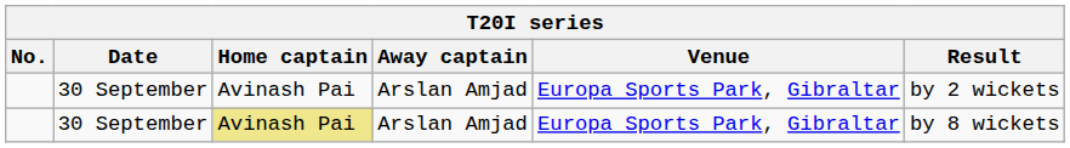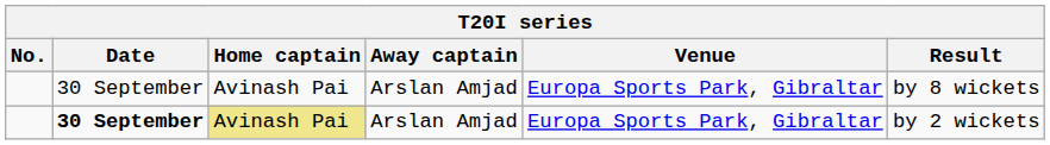 <table class="wikitable">
 <tr>
 <th colspan="6">T20I series</th>
 </tr>
 <tr>
 <th>No.</th>
 <th>Date</th>
 <th>Home captain</th>
 <th>Away captain</th>
 <th>Venue</th>
 <th>Result</th>
 </tr>
 <tr>
 <td></td>
 <td>30 September</td>
 <td>Avinash Pai</td>
 <td>Arslan Amjad</td>
 <td><a href='#'>Europa Sports Park</a>, <a href='#'>Gibraltar</a></td>
-<td> by 2 wickets</td>
+<td> by 8 wickets</td>
 </tr>
 <tr>
 <td></td>
-<td>30 September</td>
+<td><strong>30 September</strong></td>
 <td style="background: khaki;">Avinash Pai</td>
 <td>Arslan Amjad</td>
 <td><a href='#'>Europa Sports Park</a>, <a href='#'>Gibraltar</a></td>
-<td> by 8 wickets</td>
+<td> by 2 wickets</td>
 </tr>
 </table>
